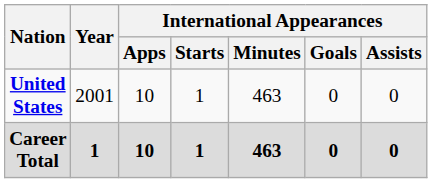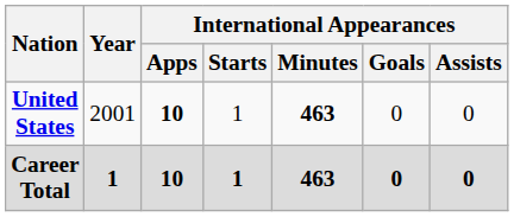 <table class="wikitable" style=font-size:90% text-align: center width=35%>
 <tr>
 <th rowspan=2 width=20%>Nation</th>
 <th rowspan=2 width=7%>Year</th>
 <th colspan=5 width=30%>International Appearances</th>
 </tr>
 <tr>
 <th align=center>Apps</th>
 <th align=center>Starts</th>
 <th align=center>Minutes</th>
 <th align=center>Goals</th>
 <th align=center>Assists</th>
 </tr>
 <tr 1>
 <td rowspan=1 align=center><strong><a href='#'>United States</a></strong></td>
 <td align=center>2001</td>
-<td align=center>10</td>
+<td align=center><strong>10</strong></td>
 <td align=center>1</td>
-<td align=center>463</td>
+<td align=center><strong>463</strong></td>
 <td align=center>0</td>
 <td align=center>0</td>
 </tr>
 <tr>
 <th style="background: #DCDCDC" align=center>Career Total</th>
 <th style="background: #DCDCDC" align=center>1</th>
 <th style="background: #DCDCDC" align=center>10</th>
 <th style="background: #DCDCDC" align=center>1</th>
 <th style="background: #DCDCDC" align=center>463</th>
 <th style="background: #DCDCDC" align=center>0</th>
 <th style="background: #DCDCDC" align=center>0</th>
 </tr>
 </table>
